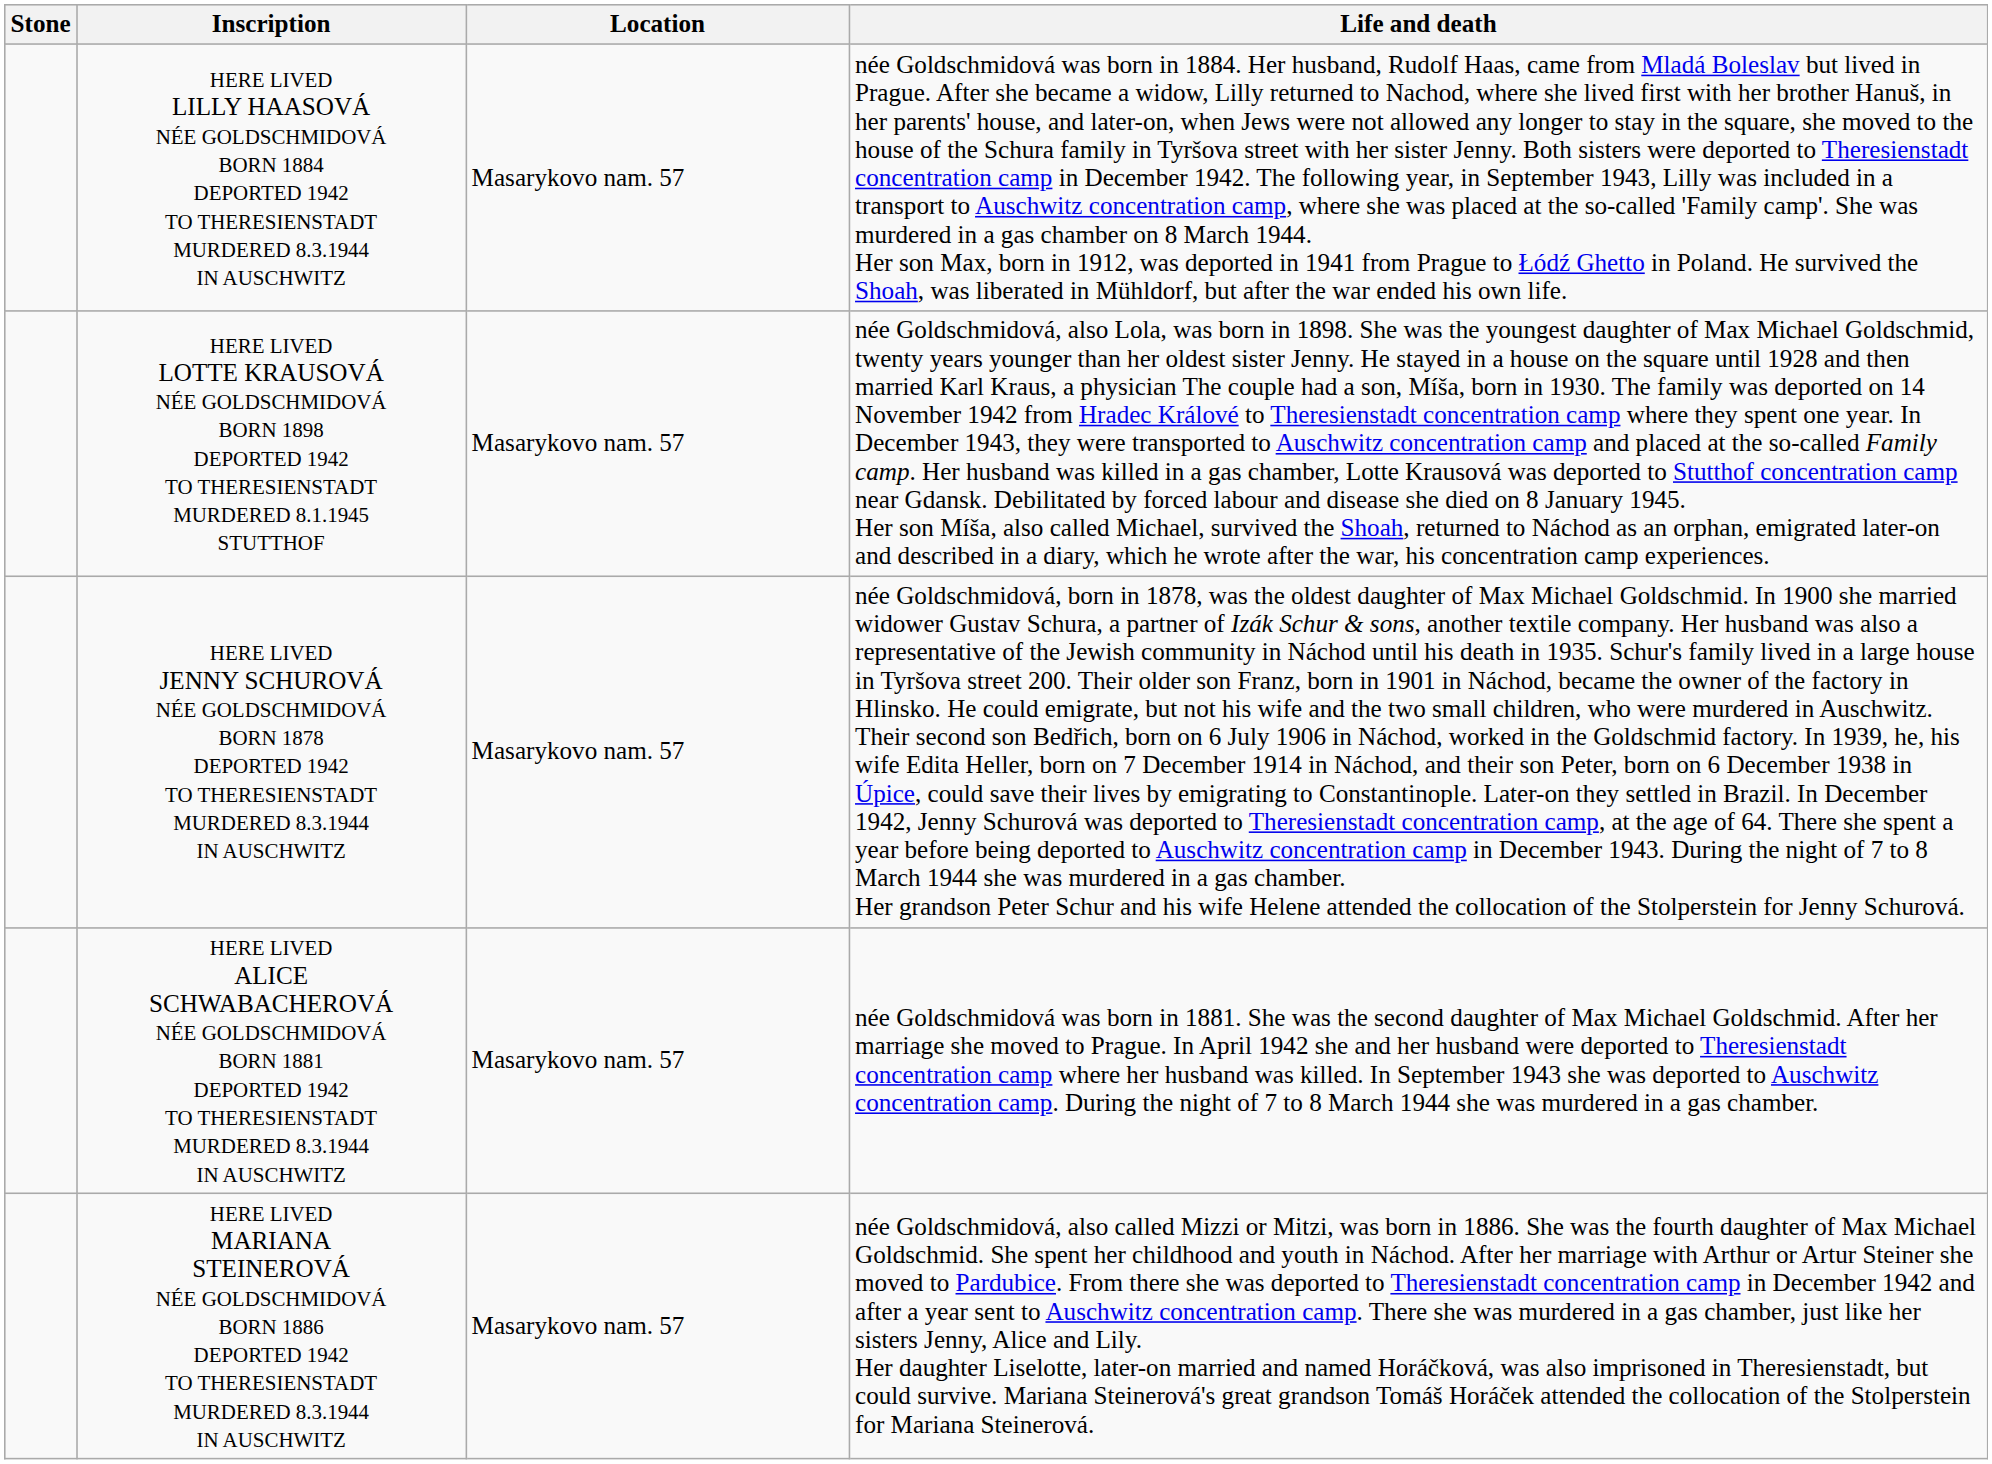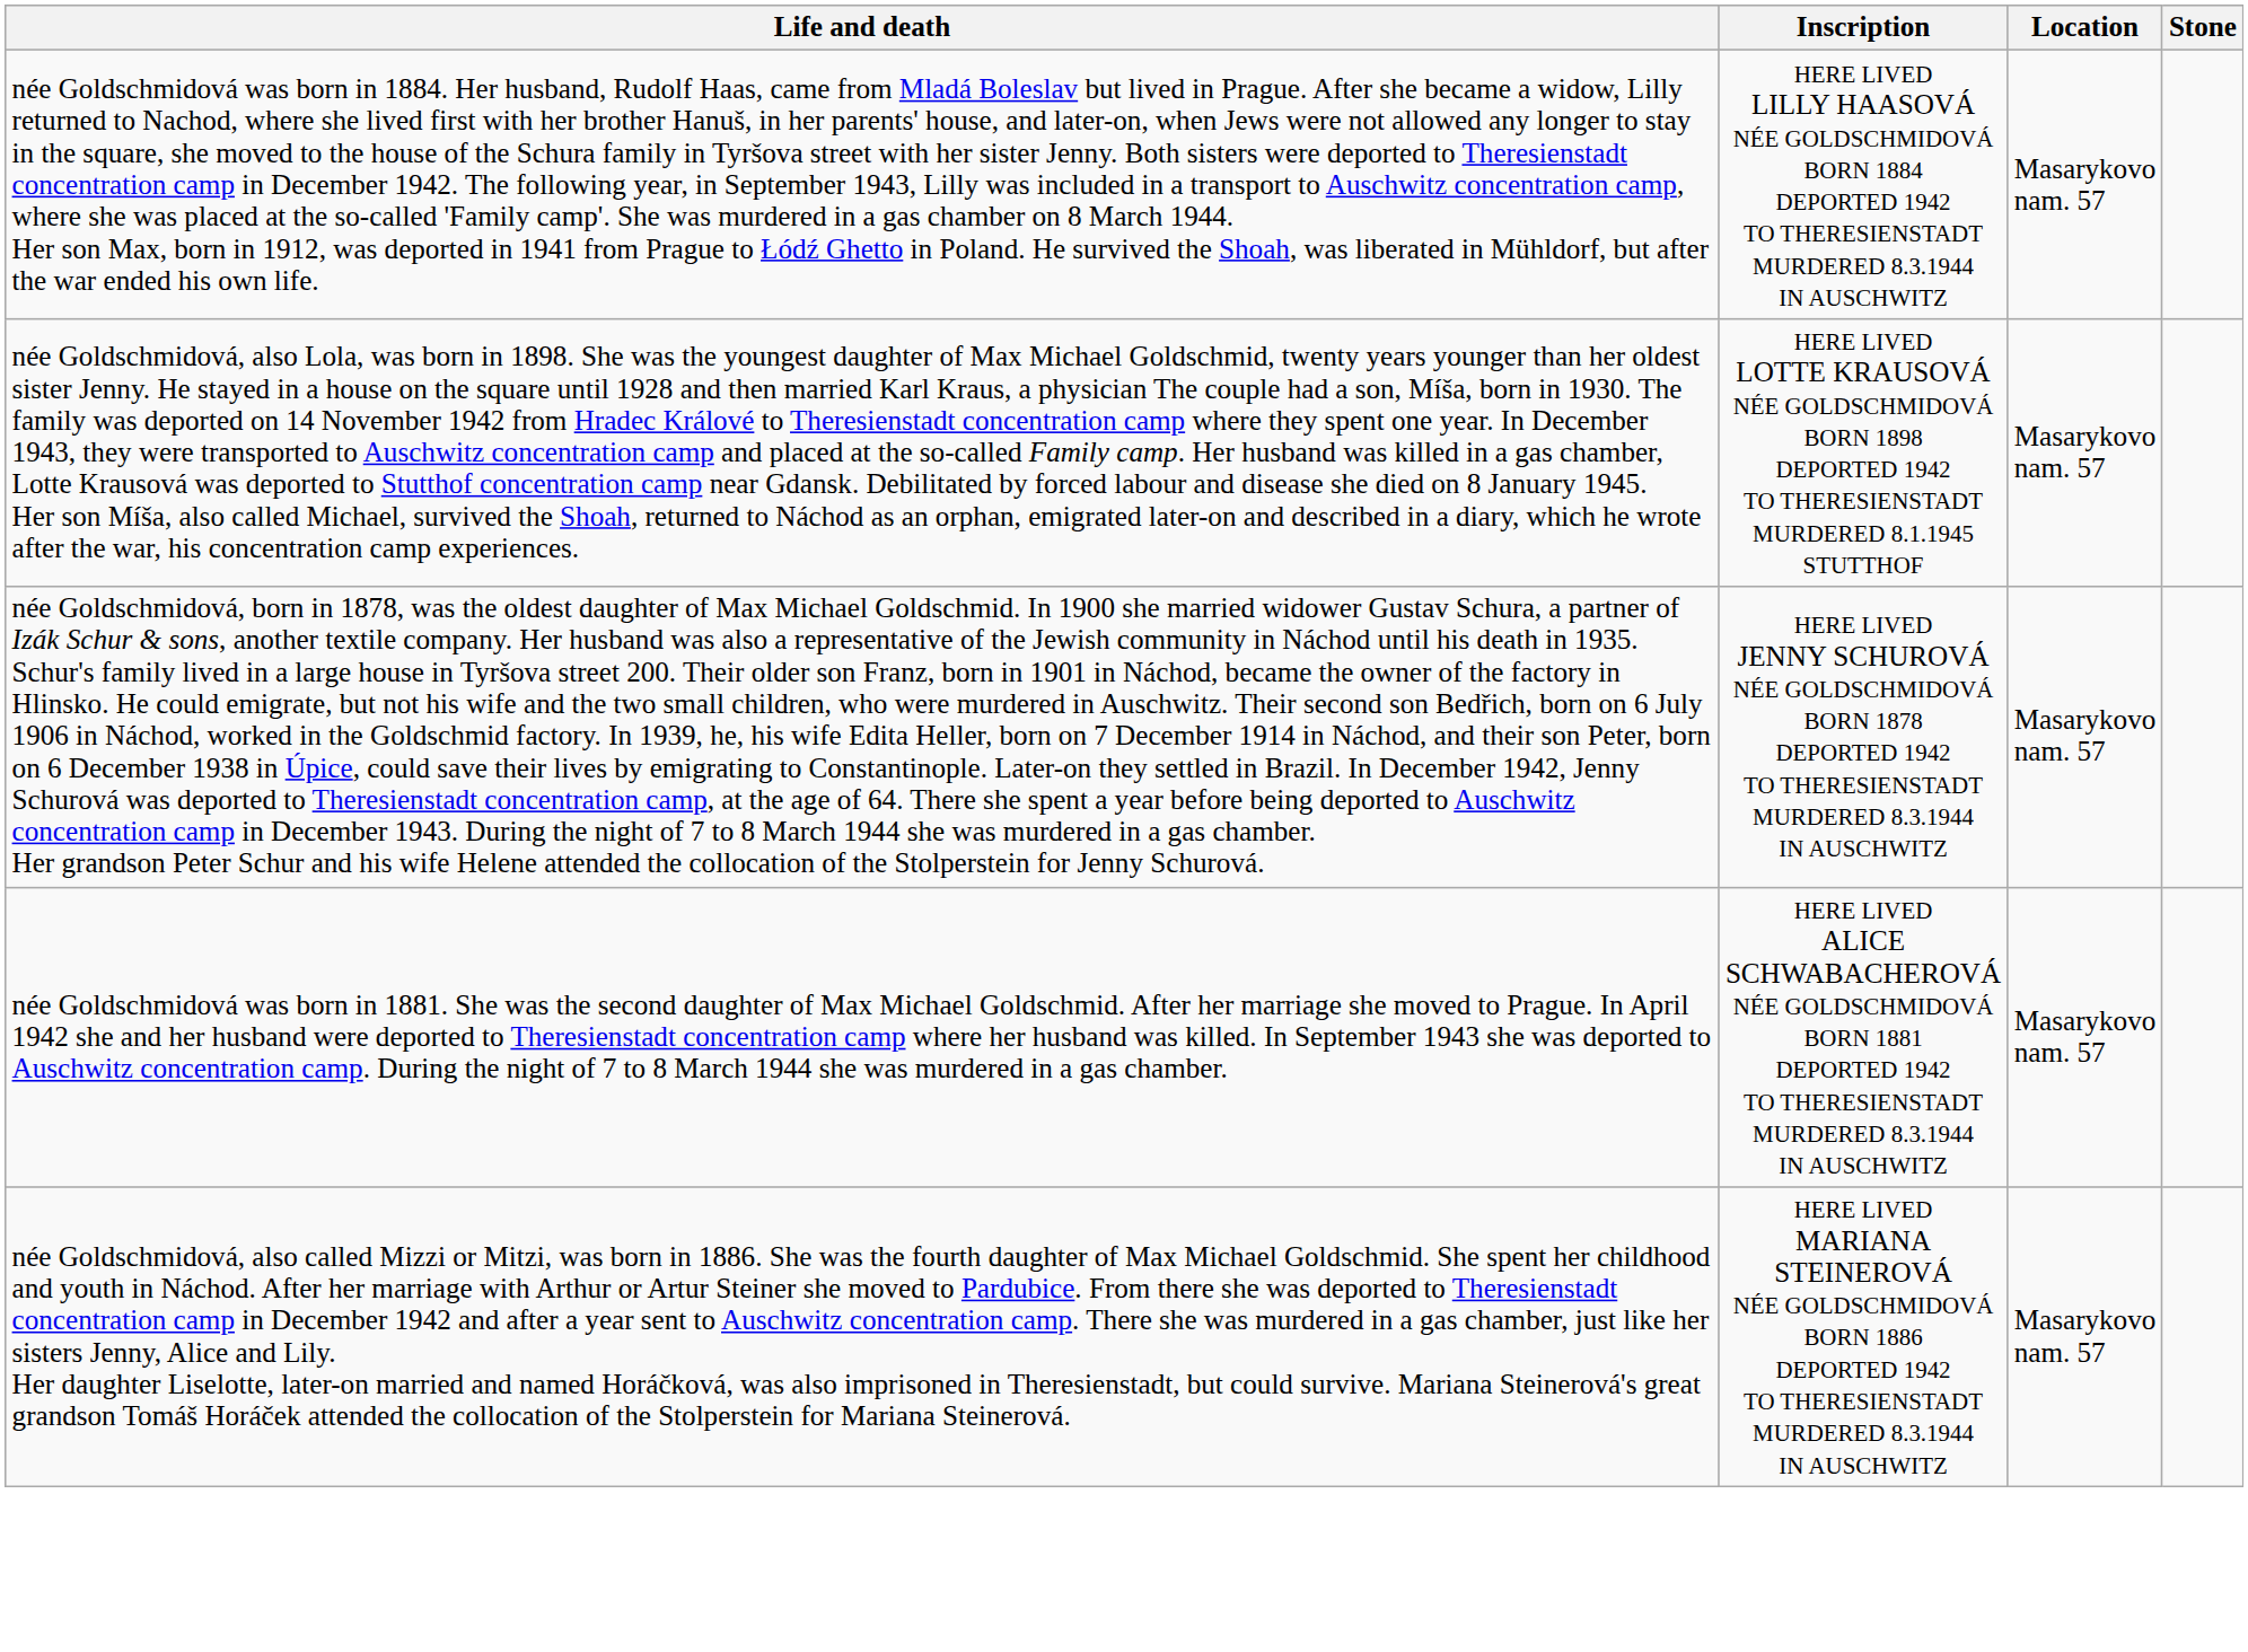 <table class="wikitable sortable toptextcells" style="width:100%">
 <tr>
-<th class="hintergrundfarbe6 unsortable" width="120px">Stone</th>
+<th class="hintergrundfarbe6" style="width:100%;">Life and death</th>
 <th class="hintergrundfarbe6 unsortable" style ="width:20%;">Inscription</th>
 <th class="hintergrundfarbe6" data-sort-type="text" style ="width:20%;">Location</th>
-<th class="hintergrundfarbe6" style="width:100%;">Life and death</th>
+<th class="hintergrundfarbe6 unsortable" width="120px">Stone</th>
 </tr>
 <tr>
-<td></td>
+<td><strong></strong> née Goldschmidová was born in 1884. Her husband, Rudolf Haas, came from <a href='#'>Mladá Boleslav</a> but lived in Prague. After she became a widow, Lilly returned to Nachod, where she lived first with her brother Hanuš, in her parents' house, and later-on, when Jews were not allowed any longer to stay in the square, she moved to the house of the Schura family in Tyršova street with her sister Jenny. Both sisters were deported to <a href='#'>Theresienstadt concentration camp</a> in December 1942. The following year, in September 1943, Lilly was included in a transport to <a href='#'>Auschwitz concentration camp</a>, where she was placed at the so-called 'Family camp'. She was murdered in a gas chamber on 8 March 1944.<br>Her son Max, born in 1912, was deported in 1941 from Prague to <a href='#'>Łódź Ghetto</a> in Poland. He survived the <a href='#'>Shoah</a>, was liberated in Mühldorf, but after the war ended his own life.</td>
 <td style="text-align:center"><div><small>HERE LIVED</small><br>LILLY HAASOVÁ<br><small>NÉE GOLDSCHMIDOVÁ<br>BORN 1884<br>DEPORTED 1942<br>TO THERESIENSTADT<br>MURDERED 8.3.1944<br>IN AUSCHWITZ</small></div></td>
 <td>Masarykovo nam. 57<br></td>
-<td><strong></strong> née Goldschmidová was born in 1884. Her husband, Rudolf Haas, came from <a href='#'>Mladá Boleslav</a> but lived in Prague. After she became a widow, Lilly returned to Nachod, where she lived first with her brother Hanuš, in her parents' house, and later-on, when Jews were not allowed any longer to stay in the square, she moved to the house of the Schura family in Tyršova street with her sister Jenny. Both sisters were deported to <a href='#'>Theresienstadt concentration camp</a> in December 1942. The following year, in September 1943, Lilly was included in a transport to <a href='#'>Auschwitz concentration camp</a>, where she was placed at the so-called 'Family camp'. She was murdered in a gas chamber on 8 March 1944.<br>Her son Max, born in 1912, was deported in 1941 from Prague to <a href='#'>Łódź Ghetto</a> in Poland. He survived the <a href='#'>Shoah</a>, was liberated in Mühldorf, but after the war ended his own life.</td>
+<td></td>
 </tr>
 <tr>
-<td></td>
+<td><strong></strong> née Goldschmidová, also Lola, was born in 1898. She was the youngest daughter of Max Michael Goldschmid, twenty years younger than her oldest sister Jenny. He stayed in a house on the square until 1928 and then married Karl Kraus, a physician The couple had a son, Míša, born in 1930. The family was deported on 14 November 1942 from <a href='#'>Hradec Králové</a> to <a href='#'>Theresienstadt concentration camp</a> where they spent one year. In December 1943, they were transported to <a href='#'>Auschwitz concentration camp</a> and placed at the so-called <em>Family camp</em>. Her husband was killed in a gas chamber, Lotte Krausová was deported to <a href='#'>Stutthof concentration camp</a> near Gdansk. Debilitated by forced labour and disease she died on 8 January 1945.<br>Her son Míša, also called Michael, survived the <a href='#'>Shoah</a>, returned to Náchod as an orphan, emigrated later-on and described in a diary, which he wrote after the war, his concentration camp experiences.</td>
 <td style="text-align:center"><div><small>HERE LIVED</small><br>LOTTE KRAUSOVÁ<br><small>NÉE GOLDSCHMIDOVÁ<br>BORN 1898<br>DEPORTED 1942<br>TO THERESIENSTADT<br>MURDERED 8.1.1945<br>STUTTHOF</small></div></td>
 <td>Masarykovo nam. 57<br></td>
-<td><strong></strong> née Goldschmidová, also Lola, was born in 1898. She was the youngest daughter of Max Michael Goldschmid, twenty years younger than her oldest sister Jenny. He stayed in a house on the square until 1928 and then married Karl Kraus, a physician The couple had a son, Míša, born in 1930. The family was deported on 14 November 1942 from <a href='#'>Hradec Králové</a> to <a href='#'>Theresienstadt concentration camp</a> where they spent one year. In December 1943, they were transported to <a href='#'>Auschwitz concentration camp</a> and placed at the so-called <em>Family camp</em>. Her husband was killed in a gas chamber, Lotte Krausová was deported to <a href='#'>Stutthof concentration camp</a> near Gdansk. Debilitated by forced labour and disease she died on 8 January 1945.<br>Her son Míša, also called Michael, survived the <a href='#'>Shoah</a>, returned to Náchod as an orphan, emigrated later-on and described in a diary, which he wrote after the war, his concentration camp experiences.</td>
+<td></td>
 </tr>
 <tr>
-<td></td>
+<td><strong></strong> née Goldschmidová, born in 1878, was the oldest daughter of Max Michael Goldschmid. In 1900 she married widower Gustav Schura, a partner of <em>Izák Schur & sons</em>, another textile company. Her husband was also a representative of the Jewish community in Náchod until his death in 1935. Schur's family lived in a large house in Tyršova street 200. Their older son Franz, born in 1901 in Náchod, became the owner of the factory in Hlinsko. He could emigrate, but not his wife and the two small children, who were murdered in Auschwitz. Their second son Bedřich, born on 6 July 1906 in Náchod, worked in the Goldschmid factory. In 1939, he, his wife Edita Heller, born on 7 December 1914 in Náchod, and their son Peter, born on 6 December 1938 in <a href='#'>Úpice</a>, could save their lives by emigrating to Constantinople. Later-on they settled in Brazil. In December 1942, Jenny Schurová was deported to <a href='#'>Theresienstadt concentration camp</a>, at the age of 64. There she spent a year before being deported to <a href='#'>Auschwitz concentration camp</a> in December 1943. During the night of 7 to 8 March 1944 she was murdered in a gas chamber.<br>Her grandson Peter Schur and his wife Helene attended the collocation of the Stolperstein for Jenny Schurová.</td>
 <td style="text-align:center"><div><small>HERE LIVED</small><br>JENNY SCHUROVÁ<br><small>NÉE GOLDSCHMIDOVÁ<br>BORN 1878<br>DEPORTED 1942<br>TO THERESIENSTADT<br>MURDERED 8.3.1944<br>IN AUSCHWITZ</small></div></td>
 <td>Masarykovo nam. 57<br></td>
-<td><strong></strong> née Goldschmidová, born in 1878, was the oldest daughter of Max Michael Goldschmid. In 1900 she married widower Gustav Schura, a partner of <em>Izák Schur & sons</em>, another textile company. Her husband was also a representative of the Jewish community in Náchod until his death in 1935. Schur's family lived in a large house in Tyršova street 200. Their older son Franz, born in 1901 in Náchod, became the owner of the factory in Hlinsko. He could emigrate, but not his wife and the two small children, who were murdered in Auschwitz. Their second son Bedřich, born on 6 July 1906 in Náchod, worked in the Goldschmid factory. In 1939, he, his wife Edita Heller, born on 7 December 1914 in Náchod, and their son Peter, born on 6 December 1938 in <a href='#'>Úpice</a>, could save their lives by emigrating to Constantinople. Later-on they settled in Brazil. In December 1942, Jenny Schurová was deported to <a href='#'>Theresienstadt concentration camp</a>, at the age of 64. There she spent a year before being deported to <a href='#'>Auschwitz concentration camp</a> in December 1943. During the night of 7 to 8 March 1944 she was murdered in a gas chamber.<br>Her grandson Peter Schur and his wife Helene attended the collocation of the Stolperstein for Jenny Schurová.</td>
+<td></td>
 </tr>
 <tr>
-<td></td>
+<td><strong></strong> née Goldschmidová was born in 1881. She was the second daughter of Max Michael Goldschmid. After her marriage she moved to Prague. In April 1942 she and her husband were deported to <a href='#'>Theresienstadt concentration camp</a> where her husband was killed. In September 1943 she was deported to <a href='#'>Auschwitz concentration camp</a>. During the night of 7 to 8 March 1944 she was murdered in a gas chamber.</td>
 <td style="text-align:center"><div><small>HERE LIVED</small><br>ALICE<br>SCHWABACHEROVÁ<br><small>NÉE GOLDSCHMIDOVÁ<br>BORN 1881<br>DEPORTED 1942<br>TO THERESIENSTADT<br>MURDERED 8.3.1944<br>IN AUSCHWITZ</small></div></td>
 <td>Masarykovo nam. 57<br></td>
-<td><strong></strong> née Goldschmidová was born in 1881. She was the second daughter of Max Michael Goldschmid. After her marriage she moved to Prague. In April 1942 she and her husband were deported to <a href='#'>Theresienstadt concentration camp</a> where her husband was killed. In September 1943 she was deported to <a href='#'>Auschwitz concentration camp</a>. During the night of 7 to 8 March 1944 she was murdered in a gas chamber.</td>
+<td></td>
 </tr>
 <tr>
-<td></td>
+<td><strong></strong> née Goldschmidová, also called Mizzi or Mitzi, was born in 1886. She was the fourth daughter of Max Michael Goldschmid. She spent her childhood and youth in Náchod. After her marriage with Arthur or Artur Steiner she moved to <a href='#'>Pardubice</a>. From there she was deported to <a href='#'>Theresienstadt concentration camp</a> in December 1942 and after a year sent to <a href='#'>Auschwitz concentration camp</a>. There she was murdered in a gas chamber, just like her sisters Jenny, Alice and Lily.<br>Her daughter Liselotte, later-on married and named Horáčková, was also imprisoned in Theresienstadt, but could survive. Mariana Steinerová's great grandson Tomáš Horáček attended the collocation of the Stolperstein for Mariana Steinerová.</td>
 <td style="text-align:center"><div><small>HERE LIVED</small><br>MARIANA<br>STEINEROVÁ<br><small>NÉE GOLDSCHMIDOVÁ<br>BORN 1886<br>DEPORTED 1942<br>TO THERESIENSTADT<br>MURDERED 8.3.1944<br>IN AUSCHWITZ</small></div></td>
 <td>Masarykovo nam. 57<br></td>
-<td><strong></strong> née Goldschmidová, also called Mizzi or Mitzi, was born in 1886. She was the fourth daughter of Max Michael Goldschmid. She spent her childhood and youth in Náchod. After her marriage with Arthur or Artur Steiner she moved to <a href='#'>Pardubice</a>. From there she was deported to <a href='#'>Theresienstadt concentration camp</a> in December 1942 and after a year sent to <a href='#'>Auschwitz concentration camp</a>. There she was murdered in a gas chamber, just like her sisters Jenny, Alice and Lily.<br>Her daughter Liselotte, later-on married and named Horáčková, was also imprisoned in Theresienstadt, but could survive. Mariana Steinerová's great grandson Tomáš Horáček attended the collocation of the Stolperstein for Mariana Steinerová.</td>
+<td></td>
 </tr>
 </table>
